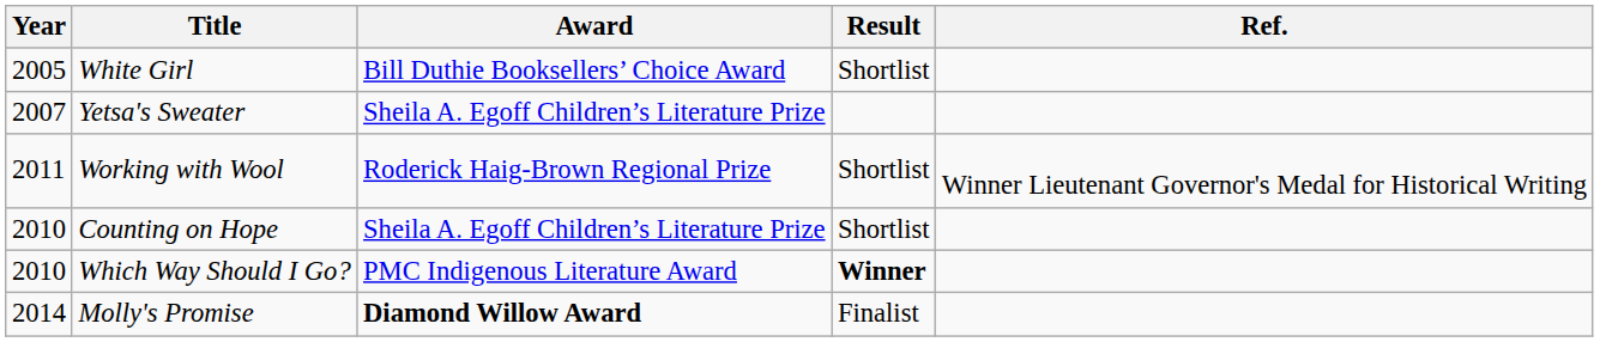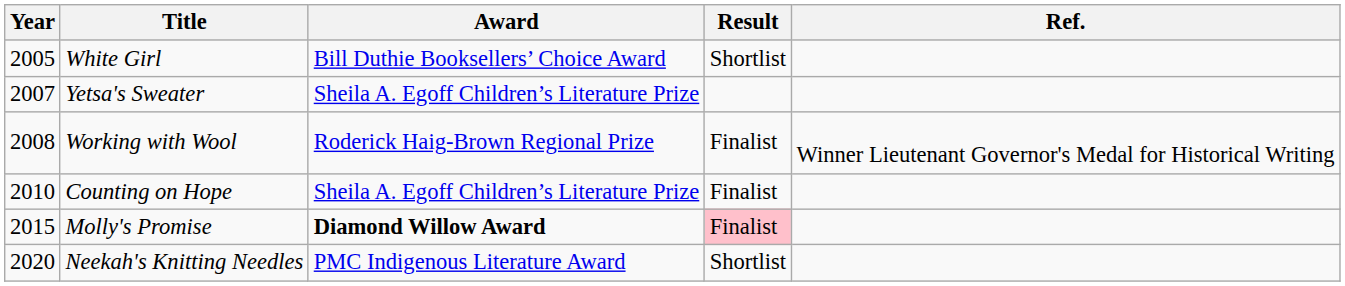 <table class="wikitable">
 <tr>
 <th>Year</th>
 <th>Title</th>
 <th>Award</th>
 <th>Result</th>
 <th>Ref.</th>
 </tr>
 <tr>
 <td>2005</td>
 <td><em>White Girl</em></td>
 <td><a href='#'>Bill Duthie Booksellers’ Choice Award</a></td>
 <td>Shortlist</td>
 <td></td>
 </tr>
 <tr>
 <td>2007</td>
 <td><em>Yetsa's Sweater</em></td>
 <td><a href='#'>Sheila A. Egoff Children’s Literature Prize</a></td>
 <td></td>
 <td></td>
 </tr>
 <tr>
-<td>2011</td>
+<td>2008</td>
 <td><em>Working with Wool</em></td>
 <td><a href='#'>Roderick Haig-Brown Regional Prize</a></td>
-<td>Shortlist</td>
+<td>Finalist</td>
 <td><br>Winner Lieutenant Governor's Medal for Historical Writing</td>
 </tr>
 <tr>
 <td>2010</td>
 <td><em>Counting on Hope</em></td>
 <td><a href='#'>Sheila A. Egoff Children’s Literature Prize</a></td>
+<td>Finalist</td>
+<td></td>
+</tr>
+<tr>
+<td>2015</td>
+<td><em>Molly's Promise</em></td>
+<td><strong>Diamond Willow Award</strong></td>
+<td style="background: pink;">Finalist</td>
+<td></td>
+</tr>
+<tr>
+<td>2020</td>
+<td><em>Neekah's Knitting Needles</em></td>
+<td><a href='#'>PMC Indigenous Literature Award</a></td>
 <td>Shortlist</td>
 <td></td>
 </tr>
-<tr>
-<td>2010</td>
-<td><em>Which Way Should I Go?</em></td>
-<td><a href='#'>PMC Indigenous Literature Award</a></td>
-<td><strong>Winner</strong></td>
-<td></td>
-</tr>
-<tr>
-<td>2014</td>
-<td><em>Molly's Promise</em></td>
-<td><strong>Diamond Willow Award</strong></td>
-<td>Finalist</td>
-<td></td>
-</tr>
 </table>
